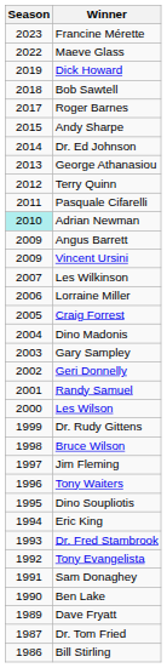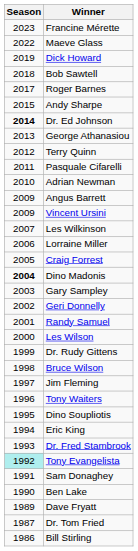 <table class='wikitable'>
 <tr>
 <th>Season</th>
 <th>Winner</th>
 </tr>
 <tr>
 <td align=center>2023</td>
 <td> Francine Mérette</td>
 </tr>
 <tr>
 <td align=center>2022</td>
 <td> Maeve Glass</td>
 </tr>
 <tr>
 <td align=center>2019</td>
 <td> <a href='#'>Dick Howard</a></td>
 </tr>
 <tr>
 <td align=center>2018</td>
 <td> Bob Sawtell</td>
 </tr>
 <tr>
 <td align=center>2017</td>
 <td> Roger Barnes</td>
 </tr>
 <tr>
 <td align=center>2015</td>
 <td> Andy Sharpe</td>
 </tr>
 <tr>
-<td align=center>2014</td>
+<td align=center><strong>2014</strong></td>
 <td> Dr. Ed Johnson</td>
 </tr>
 <tr>
 <td align=center>2013</td>
 <td> George Athanasiou</td>
 </tr>
 <tr>
 <td align=center>2012</td>
 <td> Terry Quinn</td>
 </tr>
 <tr>
 <td align=center>2011</td>
 <td> Pasquale Cifarelli</td>
 </tr>
 <tr>
-<td align=center style="background: paleturquoise;">2010</td>
+<td align=center>2010</td>
 <td> Adrian Newman</td>
 </tr>
 <tr>
 <td align=center>2009</td>
 <td> Angus Barrett</td>
 </tr>
 <tr>
 <td align=center>2009</td>
 <td> <a href='#'>Vincent Ursini</a></td>
 </tr>
 <tr>
 <td align=center>2007</td>
 <td> Les Wilkinson</td>
 </tr>
 <tr>
 <td align=center>2006</td>
 <td> Lorraine Miller</td>
 </tr>
 <tr>
 <td align=center>2005</td>
 <td> <a href='#'>Craig Forrest</a></td>
 </tr>
 <tr>
-<td align=center>2004</td>
+<td align=center><strong>2004</strong></td>
 <td> Dino Madonis</td>
 </tr>
 <tr>
 <td align=center>2003</td>
 <td> Gary Sampley</td>
 </tr>
 <tr>
 <td align=center>2002</td>
 <td> <a href='#'>Geri Donnelly</a></td>
 </tr>
 <tr>
 <td align=center>2001</td>
 <td> <a href='#'>Randy Samuel</a></td>
 </tr>
 <tr>
 <td align=center>2000</td>
 <td> <a href='#'>Les Wilson</a></td>
 </tr>
 <tr>
 <td align=center>1999</td>
 <td> Dr. Rudy Gittens</td>
 </tr>
 <tr>
 <td align=center>1998</td>
 <td> <a href='#'>Bruce Wilson</a></td>
 </tr>
 <tr>
 <td align=center>1997</td>
 <td> Jim Fleming</td>
 </tr>
 <tr>
 <td align=center>1996</td>
 <td> <a href='#'>Tony Waiters</a></td>
 </tr>
 <tr>
 <td align=center>1995</td>
 <td> Dino Soupliotis</td>
 </tr>
 <tr>
 <td align=center>1994</td>
 <td> Eric King</td>
 </tr>
 <tr>
 <td align=center>1993</td>
 <td> <a href='#'>Dr. Fred Stambrook</a></td>
 </tr>
 <tr>
-<td align=center>1992</td>
+<td align=center style="background: paleturquoise;">1992</td>
 <td> <a href='#'>Tony Evangelista</a></td>
 </tr>
 <tr>
 <td align=center>1991</td>
 <td> Sam Donaghey</td>
 </tr>
 <tr>
 <td align=center>1990</td>
 <td> Ben Lake</td>
 </tr>
 <tr>
 <td align=center>1989</td>
 <td> Dave Fryatt</td>
 </tr>
 <tr>
 <td align=center>1987</td>
 <td> Dr. Tom Fried</td>
 </tr>
 <tr>
 <td align=center>1986</td>
 <td> Bill Stirling</td>
 </tr>
 </table>
